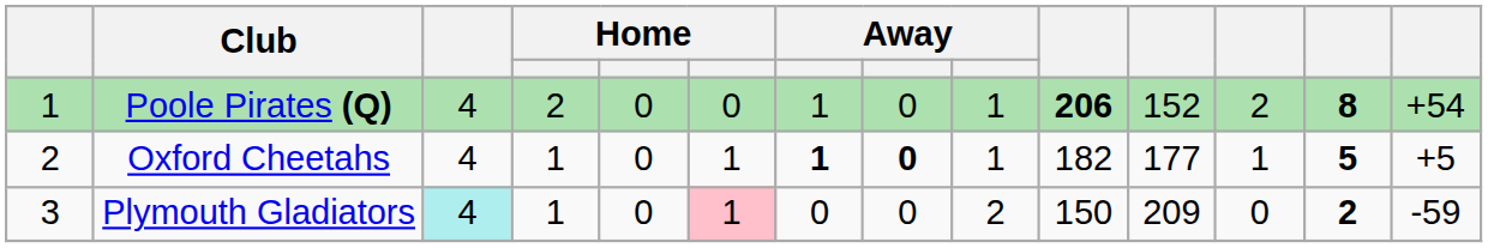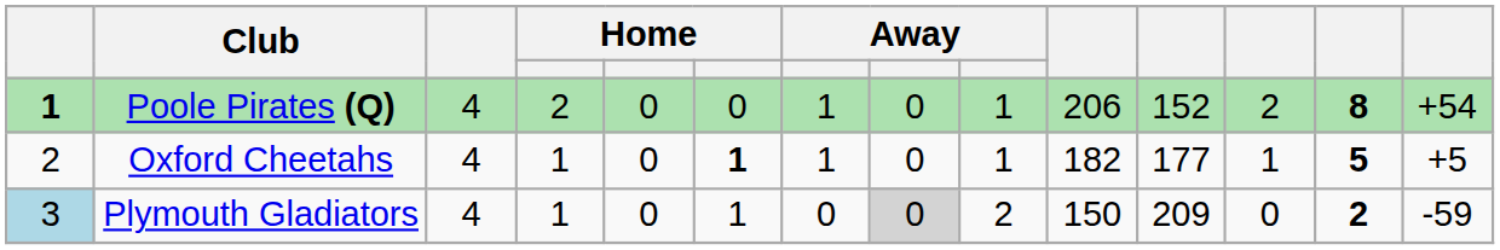 <table class="wikitable" style="text-align:center; font-size:85%">
 <tr>
 <th rowspan="2" style="width:28px;"></th>
 <th rowspan=2>Club</th>
 <th rowspan="2" style="width:28px;"></th>
 <th colspan=3>Home</th>
 <th colspan=3>Away</th>
 <th rowspan="2" style="width:28px;"></th>
 <th rowspan="2" style="width:28px;"></th>
 <th rowspan="2" style="width:28px;"></th>
 <th rowspan="2" style="width:28px;"></th>
 <th rowspan="2" style="width:28px;"></th>
 </tr>
 <tr>
 <th width=28></th>
 <th width=28></th>
 <th width=28></th>
 <th width=28></th>
 <th width=28></th>
 <th width=28></th>
 </tr>
 <tr style="background:#ACE1AF;">
-<td align="center">1</td>
+<td align="center"><strong>1</strong></td>
 <td><a href='#'>Poole Pirates</a> <strong>(Q)</strong></td>
 <td align="center">4</td>
 <td align="center">2</td>
 <td align="center">0</td>
 <td align="center">0</td>
 <td align="center">1</td>
 <td align="center">0</td>
 <td align="center">1</td>
-<td align="center"><strong>206</strong></td>
+<td align="center">206</td>
 <td align="center">152</td>
 <td align="center">2</td>
 <td align="center"><strong>8</strong></td>
 <td align="center">+54</td>
 </tr>
 <tr>
 <td align="center">2</td>
 <td><a href='#'>Oxford Cheetahs</a></td>
 <td align="center">4</td>
 <td align="center">1</td>
 <td align="center">0</td>
+<td align="center"><strong>1</strong></td>
 <td align="center">1</td>
-<td align="center"><strong>1</strong></td>
-<td align="center"><strong>0</strong></td>
+<td align="center">0</td>
 <td align="center">1</td>
 <td align="center">182</td>
 <td align="center">177</td>
 <td align="center">1</td>
 <td align="center"><strong>5</strong></td>
 <td align="center">+5</td>
 </tr>
 <tr>
-<td align="center">3</td>
+<td align="center" style="background: lightblue;">3</td>
 <td><a href='#'>Plymouth Gladiators</a></td>
-<td align="center" style="background: paleturquoise;">4</td>
+<td align="center">4</td>
 <td align="center">1</td>
 <td align="center">0</td>
-<td align="center" style="background: pink;">1</td>
+<td align="center">1</td>
 <td align="center">0</td>
-<td align="center">0</td>
+<td align="center" style="background: lightgrey;">0</td>
 <td align="center">2</td>
 <td align="center">150</td>
 <td align="center">209</td>
 <td align="center">0</td>
 <td align="center"><strong>2</strong></td>
 <td align="center">-59</td>
 </tr>
 <tr>
 </tr>
 </table>
